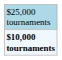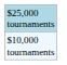 <table class="wikitable" width="12%" style="font-size:90%;">
 <tr style="background:lightblue;">
 <td>$25,000 tournaments</td>
 </tr>
 <tr style="background:#f0f8ff;">
-<td><strong>$10,000 tournaments</strong></td>
+<td>$10,000 tournaments</td>
 </tr>
 </table>
